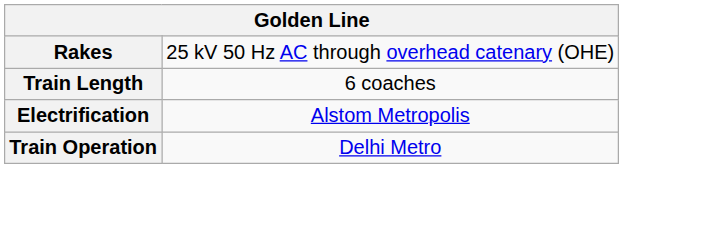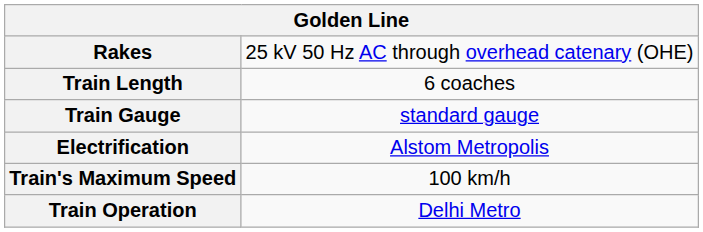 <table class="wikitable" style="text-align:center">
 <tr>
 <th colspan="2" style="background:#"><span>Golden Line</span></th>
 </tr>
 <tr>
 <th>Rakes</th>
 <td>25 kV 50 Hz <a href='#'>AC</a> through <a href='#'>overhead catenary</a> (OHE)</td>
 </tr>
 <tr>
 <th>Train Length</th>
 <td>6 coaches</td>
 </tr>
 <tr>
+<th>Train Gauge</th>
+<td> <a href='#'>standard gauge</a></td>
+</tr>
+<tr>
 <th>Electrification</th>
 <td><a href='#'>Alstom Metropolis</a></td>
+</tr>
+<tr>
+<th>Train's Maximum Speed</th>
+<td>100 km/h</td>
 </tr>
 <tr>
 <th>Train Operation</th>
 <td><a href='#'>Delhi Metro</a></td>
 </tr>
 </table>
